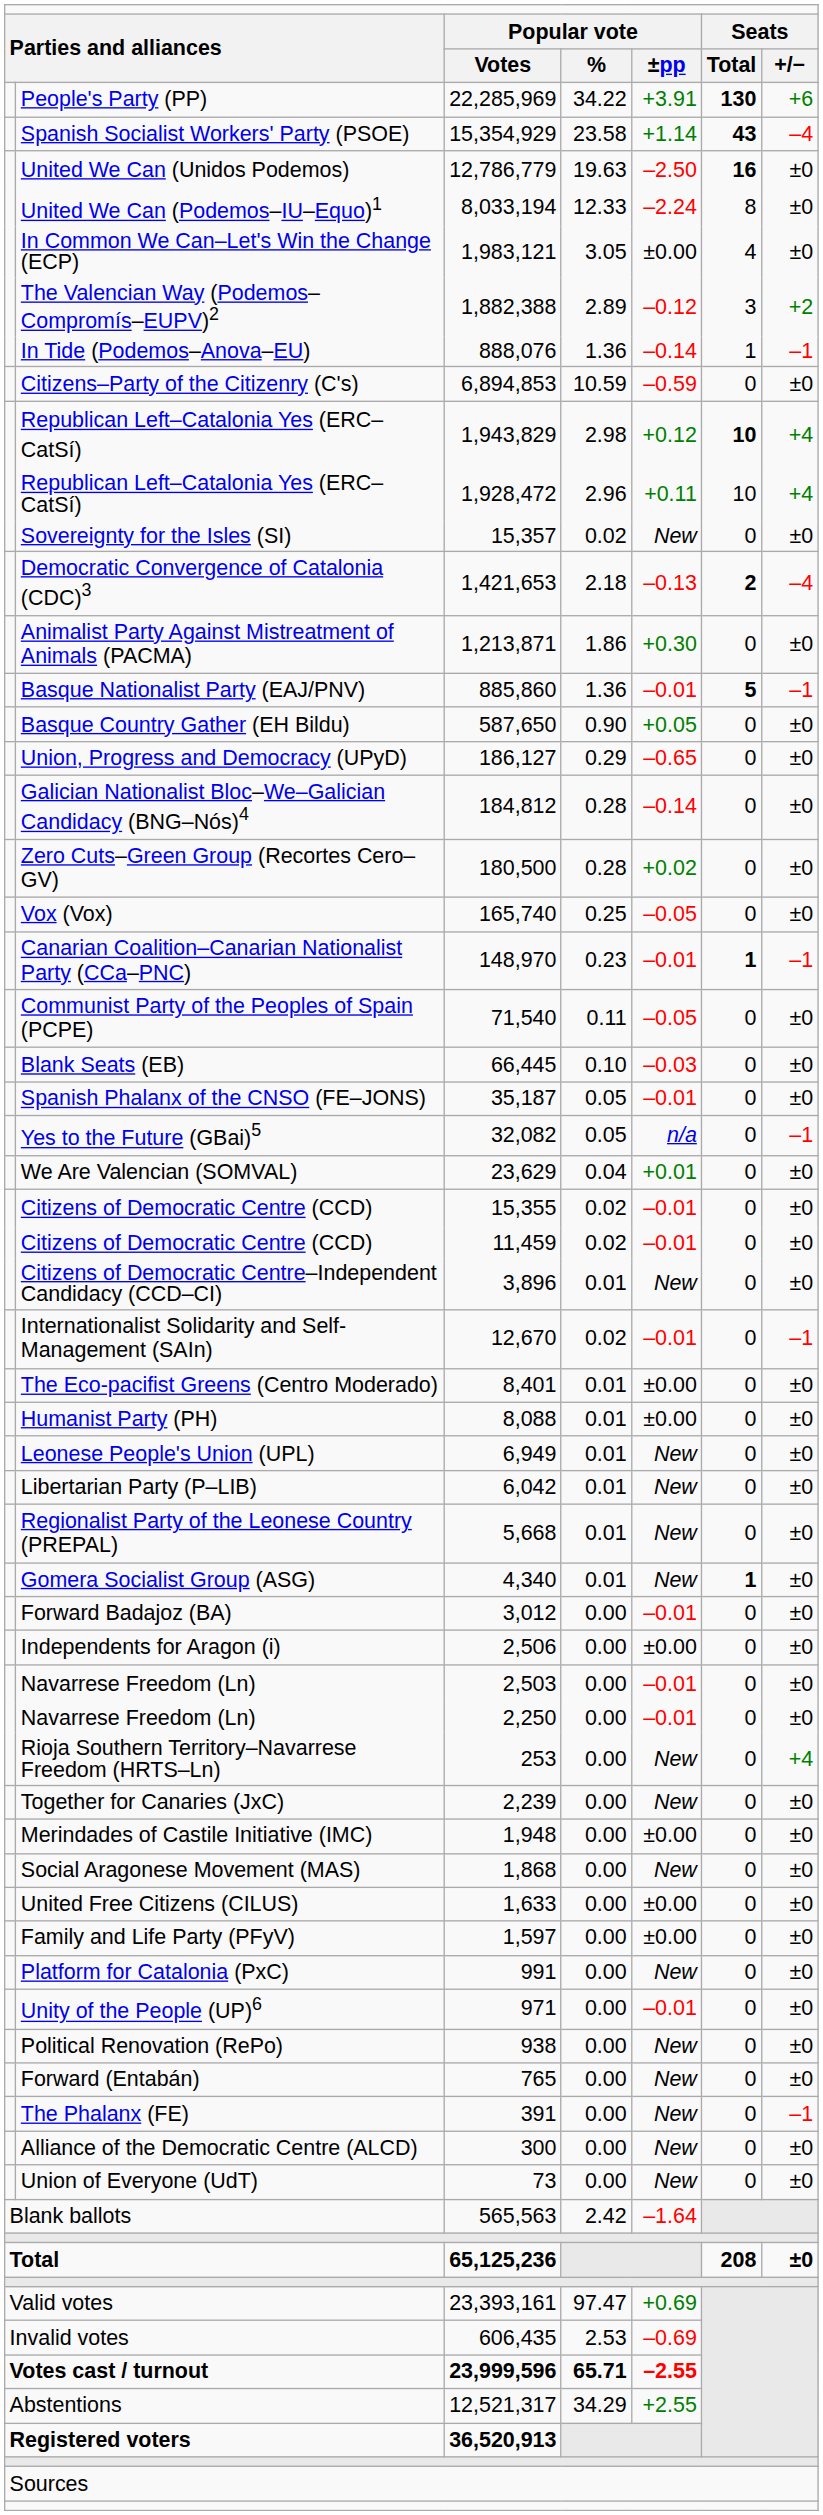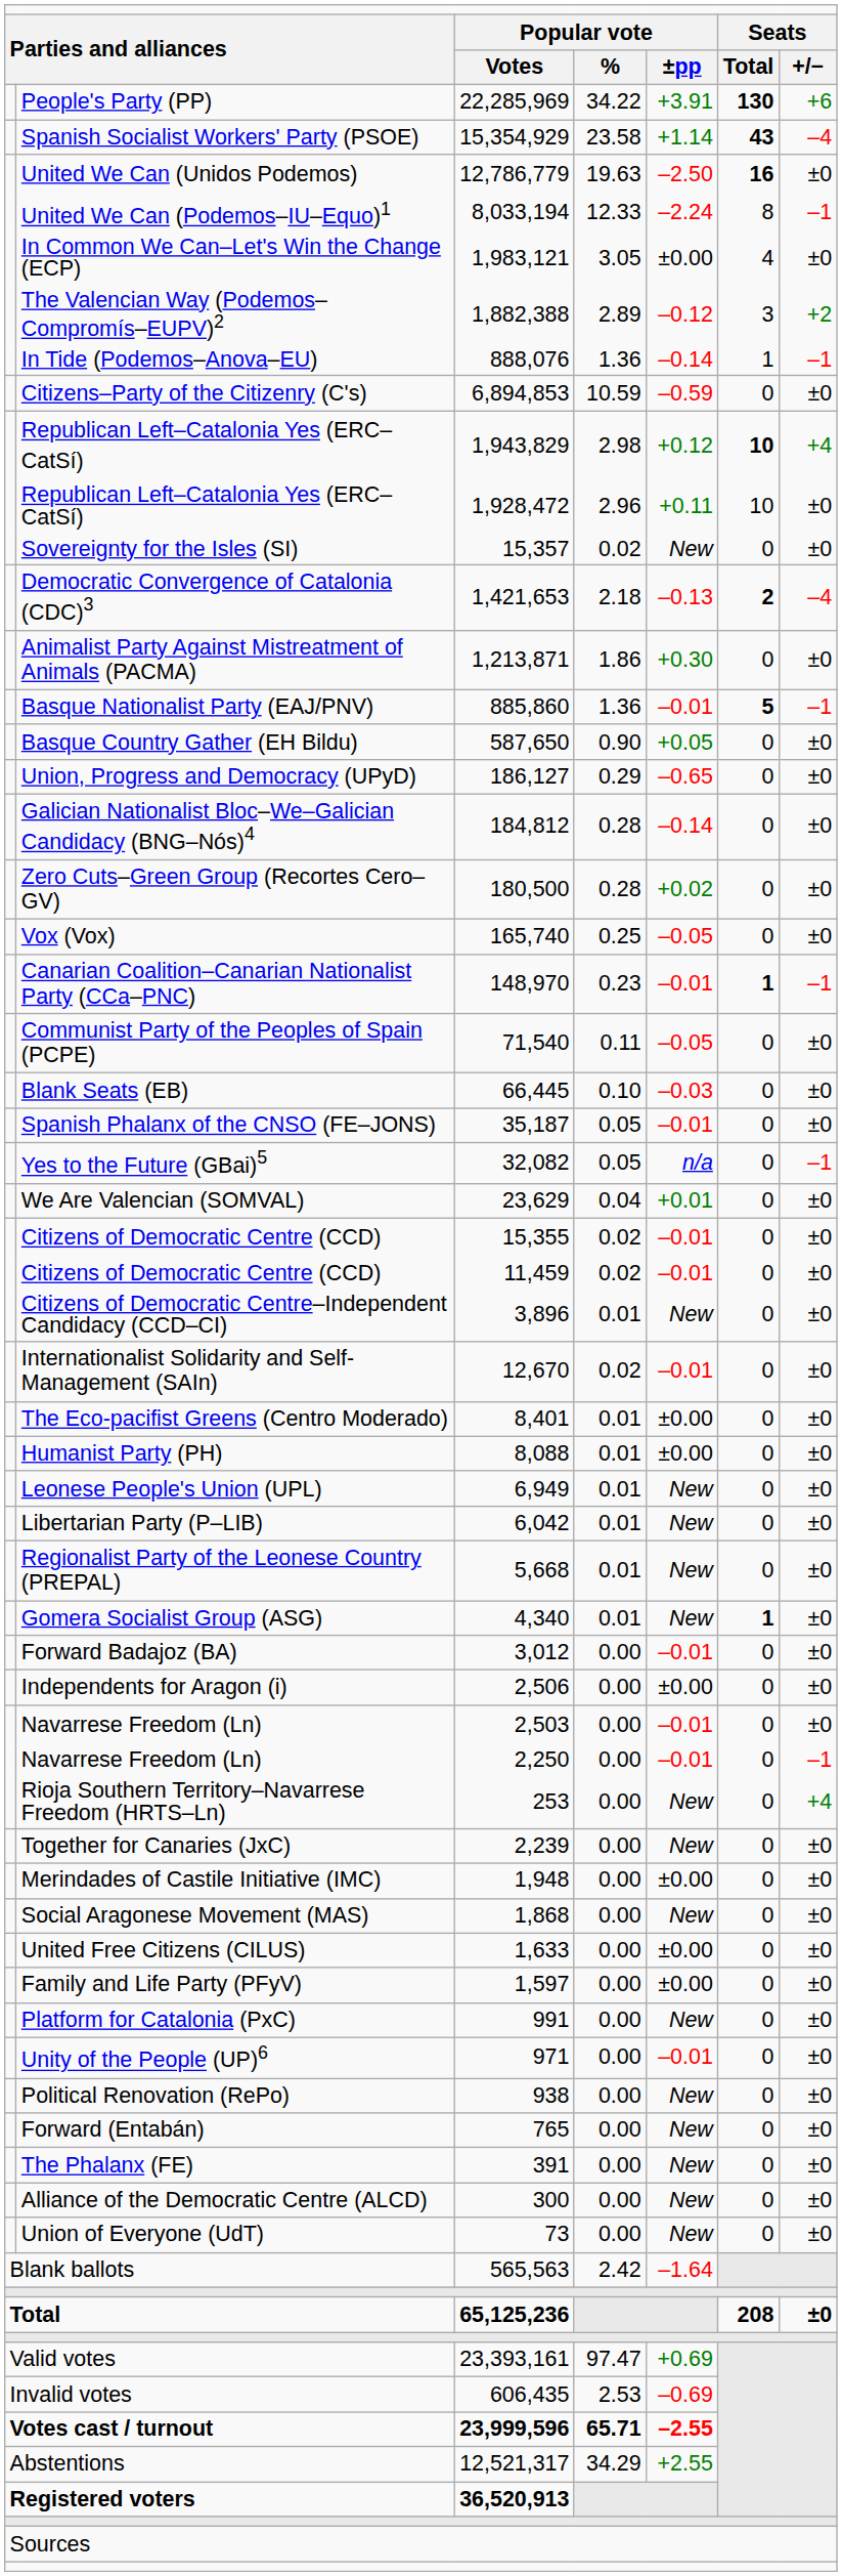 <table class="wikitable" style="text-align:right;">
 <tr>
 <td colspan="7"></td>
 </tr>
 <tr>
 <th style="text-align:left;" rowspan="2" colspan="2" width="525">Parties and alliances</th>
 <th colspan="3">Popular vote</th>
 <th colspan="2">Seats</th>
 </tr>
 <tr>
 <th width="75">Votes</th>
 <th width="45">%</th>
 <th width="45">±<a href='#'>pp</a></th>
 <th width="35">Total</th>
 <th width="35">+/−</th>
 </tr>
 <tr>
 <td width="1" style="color:inherit;background:"></td>
 <td align="left"><a href='#'>People's Party</a> (PP)</td>
 <td>22,285,969</td>
 <td>34.22</td>
 <td style="color:green;">+3.91</td>
 <td><strong>130</strong></td>
 <td style="color:green;">+6</td>
 </tr>
 <tr>
 <td style="color:inherit;background:"></td>
 <td align="left"><a href='#'>Spanish Socialist Workers' Party</a> (PSOE)</td>
 <td>15,354,929</td>
 <td>23.58</td>
 <td style="color:green;">+1.14</td>
 <td><strong>43</strong></td>
 <td style="color:red;">–4</td>
 </tr>
 <tr style="line-height:22px;">
 <td rowspan="5" style="color:inherit;background:"></td>
 <td align="left"><a href='#'>United We Can</a> (Unidos Podemos)</td>
 <td>12,786,779</td>
 <td>19.63</td>
 <td style="color:red;">–2.50</td>
 <td><strong>16</strong></td>
 <td>±0</td>
 </tr>
 <tr style="border-bottom-style:hidden; border-top-style:hidden; line-height:16px;">
 <td align="left"><span><a href='#'>United We Can</a> (<a href='#'>Podemos</a>–<a href='#'>IU</a>–<a href='#'>Equo</a>)<sup>1</sup></span></td>
 <td>8,033,194</td>
 <td>12.33</td>
 <td style="color:red;">–2.24</td>
 <td>8</td>
-<td>±0</td>
+<td style="color:red;">–1</td>
 </tr>
 <tr style="border-bottom-style:hidden; line-height:16px;">
 <td align="left"><span><a href='#'>In Common We Can–Let's Win the Change</a> (ECP)</span></td>
 <td>1,983,121</td>
 <td>3.05</td>
 <td>±0.00</td>
 <td>4</td>
 <td>±0</td>
 </tr>
 <tr style="border-bottom-style:hidden; line-height:16px;">
 <td align="left"><span><a href='#'>The Valencian Way</a> (<a href='#'>Podemos</a>–<a href='#'>Compromís</a>–<a href='#'>EUPV</a>)<sup>2</sup></span></td>
 <td>1,882,388</td>
 <td>2.89</td>
 <td style="color:red;">–0.12</td>
 <td>3</td>
 <td style="color:green;">+2</td>
 </tr>
 <tr style="line-height:16px;">
 <td align="left"><span><a href='#'>In Tide</a> (<a href='#'>Podemos</a>–<a href='#'>Anova</a>–<a href='#'>EU</a>)</span></td>
 <td>888,076</td>
 <td>1.36</td>
 <td style="color:red;">–0.14</td>
 <td>1</td>
 <td style="color:red;">–1</td>
 </tr>
 <tr>
 <td style="color:inherit;background:"></td>
 <td align="left"><a href='#'>Citizens–Party of the Citizenry</a> (C's)</td>
 <td>6,894,853</td>
 <td>10.59</td>
 <td style="color:red;">–0.59</td>
 <td>0</td>
 <td>±0</td>
 </tr>
 <tr style="line-height:22px;">
 <td rowspan="3" style="color:inherit;background:"></td>
 <td align="left"><a href='#'>Republican Left–Catalonia Yes</a> (ERC–CatSí)</td>
 <td>1,943,829</td>
 <td>2.98</td>
 <td style="color:green;">+0.12</td>
 <td><strong>10</strong></td>
 <td style="color:green;">+4</td>
 </tr>
 <tr style="border-bottom-style:hidden; border-top-style:hidden; line-height:16px;">
 <td align="left"><span><a href='#'>Republican Left–Catalonia Yes</a> (ERC–CatSí)</span></td>
 <td>1,928,472</td>
 <td>2.96</td>
 <td style="color:green;">+0.11</td>
 <td>10</td>
-<td style="color:green;">+4</td>
+<td>±0</td>
 </tr>
 <tr style="line-height:16px;">
 <td align="left"><span><a href='#'>Sovereignty for the Isles</a> (SI)</span></td>
 <td>15,357</td>
 <td>0.02</td>
 <td><em>New</em></td>
 <td>0</td>
 <td>±0</td>
 </tr>
 <tr>
 <td style="color:inherit;background:"></td>
 <td align="left"><a href='#'>Democratic Convergence of Catalonia</a> (CDC)<sup>3</sup></td>
 <td>1,421,653</td>
 <td>2.18</td>
 <td style="color:red;">–0.13</td>
 <td><strong>2</strong></td>
 <td style="color:red;">–4</td>
 </tr>
 <tr>
 <td style="color:inherit;background:"></td>
 <td align="left"><a href='#'>Animalist Party Against Mistreatment of Animals</a> (PACMA)</td>
 <td>1,213,871</td>
 <td>1.86</td>
 <td style="color:green;">+0.30</td>
 <td>0</td>
 <td>±0</td>
 </tr>
 <tr>
 <td style="color:inherit;background:"></td>
 <td align="left"><a href='#'>Basque Nationalist Party</a> (EAJ/PNV)</td>
 <td>885,860</td>
 <td>1.36</td>
 <td style="color:red;">–0.01</td>
 <td><strong>5</strong></td>
 <td style="color:red;">–1</td>
 </tr>
 <tr>
 <td style="color:inherit;background:"></td>
 <td align="left"><a href='#'>Basque Country Gather</a> (EH Bildu)</td>
 <td>587,650</td>
 <td>0.90</td>
 <td style="color:green;">+0.05</td>
 <td>0</td>
 <td>±0</td>
 </tr>
 <tr>
 <td style="color:inherit;background:"></td>
 <td align="left"><a href='#'>Union, Progress and Democracy</a> (UPyD)</td>
 <td>186,127</td>
 <td>0.29</td>
 <td style="color:red;">–0.65</td>
 <td>0</td>
 <td>±0</td>
 </tr>
 <tr>
 <td style="color:inherit;background:"></td>
 <td align="left"><a href='#'>Galician Nationalist Bloc</a>–<a href='#'>We–Galician Candidacy</a> (BNG–Nós)<sup>4</sup></td>
 <td>184,812</td>
 <td>0.28</td>
 <td style="color:red;">–0.14</td>
 <td>0</td>
 <td>±0</td>
 </tr>
 <tr>
 <td style="color:inherit;background:"></td>
 <td align="left"><a href='#'>Zero Cuts</a>–<a href='#'>Green Group</a> (Recortes Cero–GV)</td>
 <td>180,500</td>
 <td>0.28</td>
 <td style="color:green;">+0.02</td>
 <td>0</td>
 <td>±0</td>
 </tr>
 <tr>
 <td style="color:inherit;background:"></td>
 <td align="left"><a href='#'>Vox</a> (Vox)</td>
 <td>165,740</td>
 <td>0.25</td>
 <td style="color:red;">–0.05</td>
 <td>0</td>
 <td>±0</td>
 </tr>
 <tr>
 <td style="color:inherit;background:"></td>
 <td align="left"><a href='#'>Canarian Coalition–Canarian Nationalist Party</a> (<a href='#'>CCa</a>–<a href='#'>PNC</a>)</td>
 <td>148,970</td>
 <td>0.23</td>
 <td style="color:red;">–0.01</td>
 <td><strong>1</strong></td>
 <td style="color:red;">–1</td>
 </tr>
 <tr>
 <td style="color:inherit;background:"></td>
 <td align="left"><a href='#'>Communist Party of the Peoples of Spain</a> (PCPE)</td>
 <td>71,540</td>
 <td>0.11</td>
 <td style="color:red;">–0.05</td>
 <td>0</td>
 <td>±0</td>
 </tr>
 <tr>
 <td style="color:inherit;background:"></td>
 <td align="left"><a href='#'>Blank Seats</a> (EB)</td>
 <td>66,445</td>
 <td>0.10</td>
 <td style="color:red;">–0.03</td>
 <td>0</td>
 <td>±0</td>
 </tr>
 <tr>
 <td style="color:inherit;background:"></td>
 <td align="left"><a href='#'>Spanish Phalanx of the CNSO</a> (FE–JONS)</td>
 <td>35,187</td>
 <td>0.05</td>
 <td style="color:red;">–0.01</td>
 <td>0</td>
 <td>±0</td>
 </tr>
 <tr>
 <td style="color:inherit;background:"></td>
 <td align="left"><a href='#'>Yes to the Future</a> (GBai)<sup>5</sup></td>
 <td>32,082</td>
 <td>0.05</td>
 <td><em><a href='#'>n/a</a></em></td>
 <td>0</td>
 <td style="color:red;">–1</td>
 </tr>
 <tr>
 <td style="color:inherit;background:"></td>
 <td align="left">We Are Valencian (SOMVAL)</td>
 <td>23,629</td>
 <td>0.04</td>
 <td style="color:green;">+0.01</td>
 <td>0</td>
 <td>±0</td>
 </tr>
 <tr style="line-height:22px;">
 <td rowspan="3" style="color:inherit;background:"></td>
 <td align="left"><a href='#'>Citizens of Democratic Centre</a> (CCD)</td>
 <td>15,355</td>
 <td>0.02</td>
 <td style="color:red;">–0.01</td>
 <td>0</td>
 <td>±0</td>
 </tr>
 <tr style="border-bottom-style:hidden; border-top-style:hidden; line-height:16px;">
 <td align="left"><span><a href='#'>Citizens of Democratic Centre</a> (CCD)</span></td>
 <td>11,459</td>
 <td>0.02</td>
 <td style="color:red;">–0.01</td>
 <td>0</td>
 <td>±0</td>
 </tr>
 <tr style="line-height:16px;">
 <td align="left"><span><a href='#'>Citizens of Democratic Centre</a>–Independent Candidacy (CCD–CI)</span></td>
 <td>3,896</td>
 <td>0.01</td>
 <td><em>New</em></td>
 <td>0</td>
 <td>±0</td>
 </tr>
 <tr>
 <td style="color:inherit;background:"></td>
 <td align="left">Internationalist Solidarity and Self-Management (SAIn)</td>
 <td>12,670</td>
 <td>0.02</td>
 <td style="color:red;">–0.01</td>
 <td>0</td>
-<td style="color:red;">–1</td>
+<td>±0</td>
 </tr>
 <tr>
 <td style="color:inherit;background:"></td>
 <td align="left"><a href='#'>The Eco-pacifist Greens</a> (Centro Moderado)</td>
 <td>8,401</td>
 <td>0.01</td>
 <td>±0.00</td>
 <td>0</td>
 <td>±0</td>
 </tr>
 <tr>
 <td style="color:inherit;background:"></td>
 <td align="left"><a href='#'>Humanist Party</a> (PH)</td>
 <td>8,088</td>
 <td>0.01</td>
 <td>±0.00</td>
 <td>0</td>
 <td>±0</td>
 </tr>
 <tr>
 <td style="color:inherit;background:"></td>
 <td align="left"><a href='#'>Leonese People's Union</a> (UPL)</td>
 <td>6,949</td>
 <td>0.01</td>
 <td><em>New</em></td>
 <td>0</td>
 <td>±0</td>
 </tr>
 <tr>
 <td style="color:inherit;background:"></td>
 <td align="left">Libertarian Party (P–LIB)</td>
 <td>6,042</td>
 <td>0.01</td>
 <td><em>New</em></td>
 <td>0</td>
 <td>±0</td>
 </tr>
 <tr>
 <td style="color:inherit;background:"></td>
 <td align="left"><a href='#'>Regionalist Party of the Leonese Country</a> (PREPAL)</td>
 <td>5,668</td>
 <td>0.01</td>
 <td><em>New</em></td>
 <td>0</td>
 <td>±0</td>
 </tr>
 <tr>
 <td style="color:inherit;background:"></td>
 <td align="left"><a href='#'>Gomera Socialist Group</a> (ASG)</td>
 <td>4,340</td>
 <td>0.01</td>
 <td><em>New</em></td>
 <td><strong>1</strong></td>
 <td>±0</td>
 </tr>
 <tr>
 <td style="color:inherit;background:"></td>
 <td align="left">Forward Badajoz (BA)</td>
 <td>3,012</td>
 <td>0.00</td>
 <td style="color:red;">–0.01</td>
 <td>0</td>
 <td>±0</td>
 </tr>
 <tr>
 <td style="color:inherit;background:"></td>
 <td align="left">Independents for Aragon (i)</td>
 <td>2,506</td>
 <td>0.00</td>
 <td>±0.00</td>
 <td>0</td>
 <td>±0</td>
 </tr>
 <tr style="line-height:22px;">
 <td rowspan="3" style="color:inherit;background:"></td>
 <td align="left">Navarrese Freedom (Ln)</td>
 <td>2,503</td>
 <td>0.00</td>
 <td style="color:red;">–0.01</td>
 <td>0</td>
 <td>±0</td>
 </tr>
 <tr style="border-bottom-style:hidden; border-top-style:hidden; line-height:16px;">
 <td align="left"><span>Navarrese Freedom (Ln)</span></td>
 <td>2,250</td>
 <td>0.00</td>
 <td style="color:red;">–0.01</td>
 <td>0</td>
-<td>±0</td>
+<td style="color:red;">–1</td>
 </tr>
 <tr style="line-height:16px;">
 <td align="left"><span>Rioja Southern Territory–Navarrese Freedom (HRTS–Ln)</span></td>
 <td>253</td>
 <td>0.00</td>
 <td><em>New</em></td>
 <td>0</td>
 <td style="color:green;">+4</td>
 </tr>
 <tr>
 <td style="color:inherit;background:"></td>
 <td align="left">Together for Canaries (JxC)</td>
 <td>2,239</td>
 <td>0.00</td>
 <td><em>New</em></td>
 <td>0</td>
 <td>±0</td>
 </tr>
 <tr>
 <td style="color:inherit;background:"></td>
 <td align="left">Merindades of Castile Initiative (IMC)</td>
 <td>1,948</td>
 <td>0.00</td>
 <td>±0.00</td>
 <td>0</td>
 <td>±0</td>
 </tr>
 <tr>
 <td style="color:inherit;background:"></td>
 <td align="left">Social Aragonese Movement (MAS)</td>
 <td>1,868</td>
 <td>0.00</td>
 <td><em>New</em></td>
 <td>0</td>
 <td>±0</td>
 </tr>
 <tr>
 <td style="color:inherit;background:"></td>
 <td align="left">United Free Citizens (CILUS)</td>
 <td>1,633</td>
 <td>0.00</td>
 <td>±0.00</td>
 <td>0</td>
 <td>±0</td>
 </tr>
 <tr>
 <td style="color:inherit;background:"></td>
 <td align="left">Family and Life Party (PFyV)</td>
 <td>1,597</td>
 <td>0.00</td>
 <td>±0.00</td>
 <td>0</td>
 <td>±0</td>
 </tr>
 <tr>
 <td style="color:inherit;background:"></td>
 <td align="left"><a href='#'>Platform for Catalonia</a> (PxC)</td>
 <td>991</td>
 <td>0.00</td>
 <td><em>New</em></td>
 <td>0</td>
 <td>±0</td>
 </tr>
 <tr>
 <td style="color:inherit;background:"></td>
 <td align="left"><a href='#'>Unity of the People</a> (UP)<sup>6</sup></td>
 <td>971</td>
 <td>0.00</td>
 <td style="color:red;">–0.01</td>
 <td>0</td>
 <td>±0</td>
 </tr>
 <tr>
 <td style="color:inherit;background:"></td>
 <td align="left">Political Renovation (RePo)</td>
 <td>938</td>
 <td>0.00</td>
 <td><em>New</em></td>
 <td>0</td>
 <td>±0</td>
 </tr>
 <tr>
 <td style="color:inherit;background:"></td>
 <td align="left">Forward (Entabán)</td>
 <td>765</td>
 <td>0.00</td>
 <td><em>New</em></td>
 <td>0</td>
 <td>±0</td>
 </tr>
 <tr>
 <td style="color:inherit;background:"></td>
 <td align="left"><a href='#'>The Phalanx</a> (FE)</td>
 <td>391</td>
 <td>0.00</td>
 <td><em>New</em></td>
 <td>0</td>
-<td style="color:red;">–1</td>
+<td>±0</td>
 </tr>
 <tr>
 <td style="color:inherit;background:"></td>
 <td align="left">Alliance of the Democratic Centre (ALCD)</td>
 <td>300</td>
 <td>0.00</td>
 <td><em>New</em></td>
 <td>0</td>
 <td>±0</td>
 </tr>
 <tr>
 <td style="color:inherit;background:"></td>
 <td align="left">Union of Everyone (UdT)</td>
 <td>73</td>
 <td>0.00</td>
 <td><em>New</em></td>
 <td>0</td>
 <td>±0</td>
 </tr>
 <tr>
 <td align="left" colspan="2">Blank ballots</td>
 <td>565,563</td>
 <td>2.42</td>
 <td style="color:red;">–1.64</td>
 <td bgcolor="#E9E9E9" colspan="2"></td>
 </tr>
 <tr>
 <td colspan="7" bgcolor="#E9E9E9"></td>
 </tr>
 <tr style="font-weight:bold;">
 <td align="left" colspan="2">Total</td>
 <td>65,125,236</td>
 <td bgcolor="#E9E9E9" colspan="2"></td>
 <td>208</td>
 <td>±0</td>
 </tr>
 <tr>
 <td colspan="7" bgcolor="#E9E9E9"></td>
 </tr>
 <tr>
 <td align="left" colspan="2">Valid votes</td>
 <td>23,393,161</td>
 <td>97.47</td>
 <td style="color:green;">+0.69</td>
 <td bgcolor="#E9E9E9" colspan="2" rowspan="5"></td>
 </tr>
 <tr>
 <td align="left" colspan="2">Invalid votes</td>
 <td>606,435</td>
 <td>2.53</td>
 <td style="color:red;">–0.69</td>
 </tr>
 <tr style="font-weight:bold;">
 <td align="left" colspan="2">Votes cast / turnout</td>
 <td>23,999,596</td>
 <td>65.71</td>
 <td style="color:red;">–2.55</td>
 </tr>
 <tr>
 <td align="left" colspan="2">Abstentions</td>
 <td>12,521,317</td>
 <td>34.29</td>
 <td style="color:green;">+2.55</td>
 </tr>
 <tr style="font-weight:bold;">
 <td align="left" colspan="2">Registered voters</td>
 <td>36,520,913</td>
 <td bgcolor="#E9E9E9" colspan="2"></td>
 </tr>
 <tr>
 <td colspan="7" bgcolor="#E9E9E9"></td>
 </tr>
 <tr>
 <td align="left" colspan="7">Sources</td>
 </tr>
 <tr>
 <td colspan="7" style="text-align:left; max-width:790px;"></td>
 </tr>
 </table>
